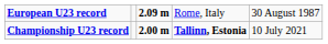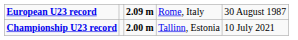 <table class="wikitable">
 <tr>
 <td><strong><a href='#'>European U23 record</a></strong></td>
 <td></td>
 <td><strong>2.09 m</strong></td>
 <td><a href='#'>Rome</a>, Italy</td>
 <td>30 August 1987</td>
 </tr>
 <tr>
 <td><strong><a href='#'>Championship U23 record</a></strong></td>
 <td></td>
 <td><strong>2.00 m</strong></td>
-<td><strong><a href='#'>Tallinn</a>, Estonia</strong></td>
+<td><a href='#'>Tallinn</a>, Estonia</td>
 <td>10 July 2021</td>
 </tr>
 </table>
